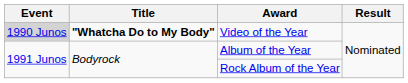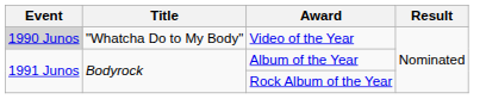 <table class="wikitable">
 <tr>
 <th>Event</th>
 <th>Title</th>
 <th>Award</th>
 <th>Result</th>
 </tr>
 <tr>
 <td style="background: lightgrey;"><a href='#'>1990 Junos</a></td>
-<td><strong>"Whatcha Do to My Body"</strong></td>
+<td>"Whatcha Do to My Body"</td>
 <td><a href='#'>Video of the Year</a></td>
 <td rowspan="3">Nominated</td>
 </tr>
 <tr>
 <td rowspan="2"><a href='#'>1991 Junos</a></td>
 <td rowspan="2"><em>Bodyrock</em></td>
 <td><a href='#'>Album of the Year</a></td>
 </tr>
 <tr>
 <td><a href='#'>Rock Album of the Year</a></td>
 </tr>
 </table>
